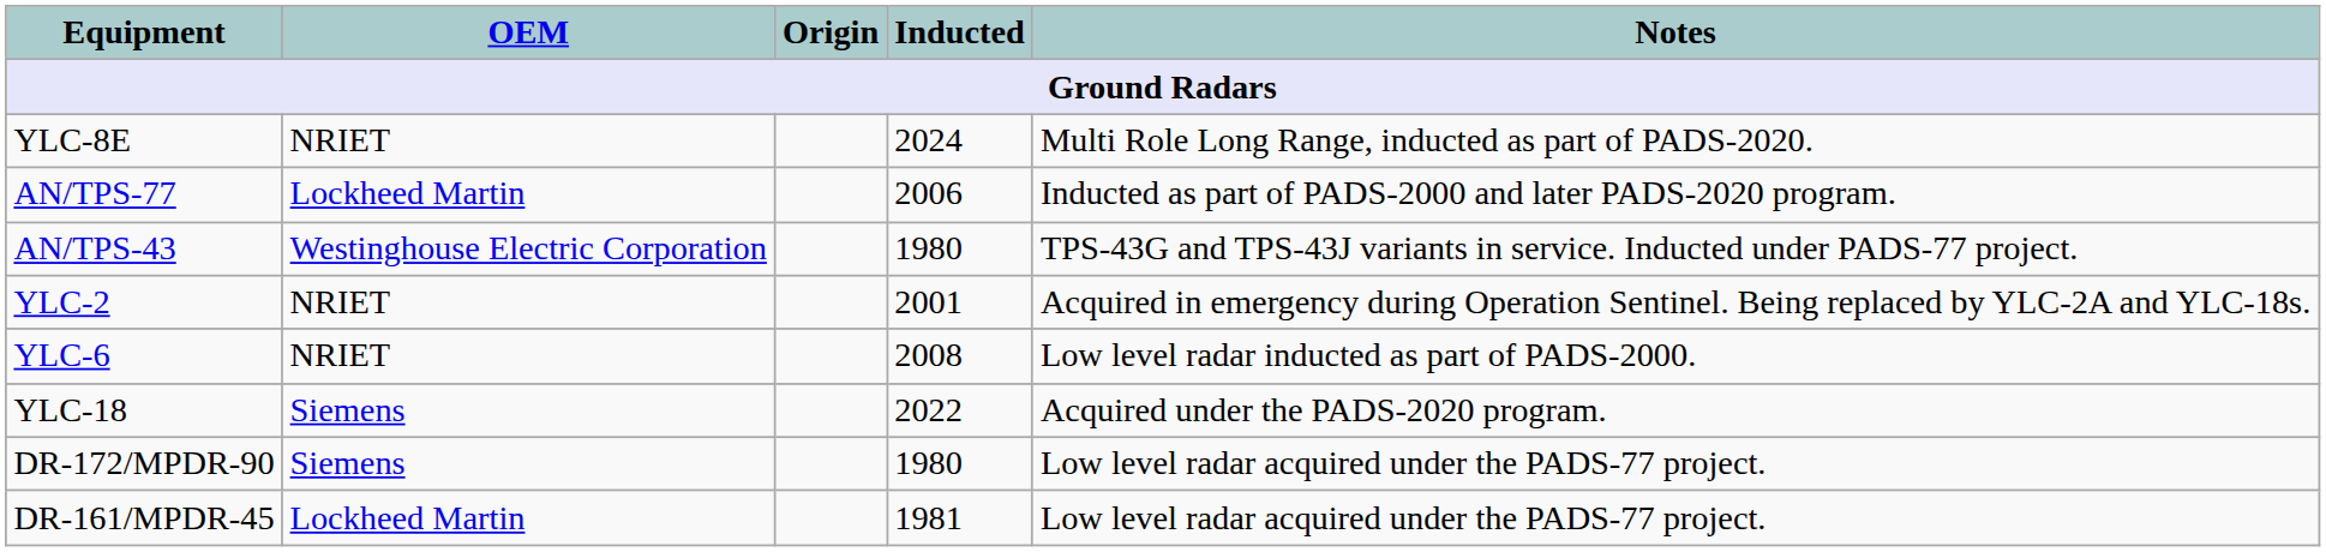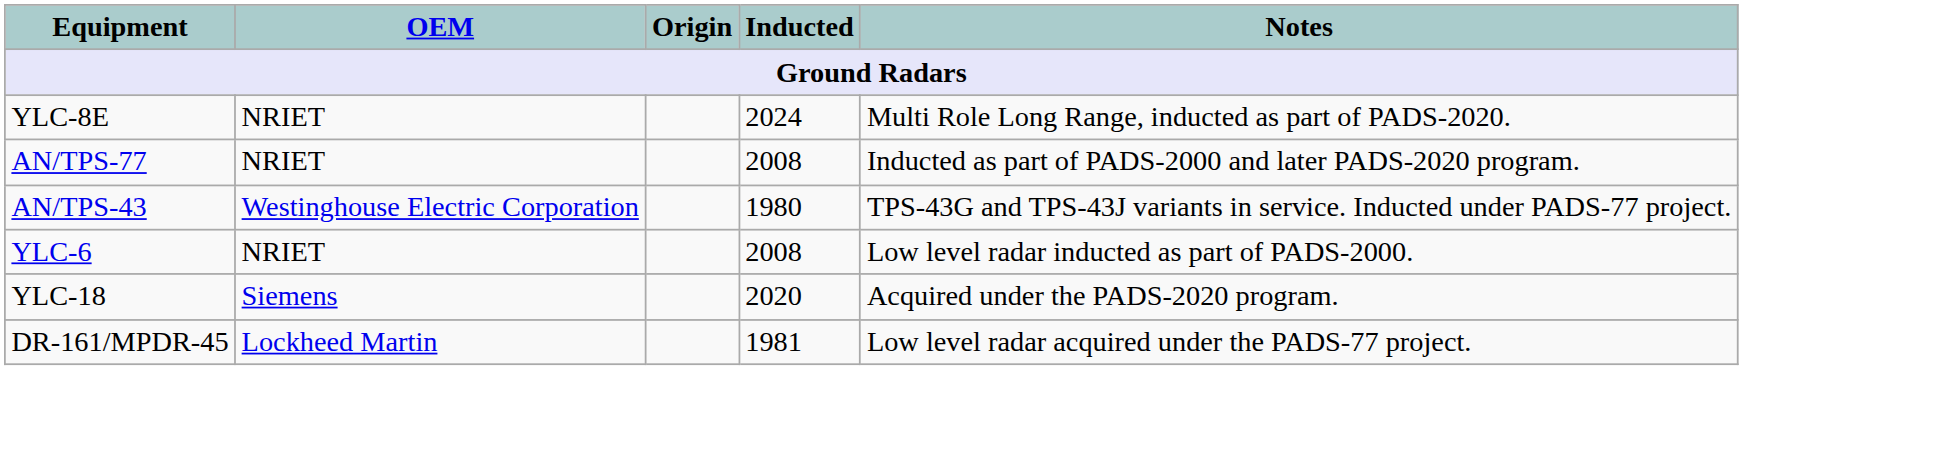 <table class="wikitable">
 <tr>
 <th style="text-align:center; background:#acc;">Equipment</th>
 <th style="text-align:center; background:#acc;"><a href='#'>OEM</a></th>
 <th style="text-align: center; background:#acc;">Origin</th>
 <th style="text-align:l center; background:#acc;">Inducted</th>
 <th style="text-align:l center; background:#acc;">Notes</th>
 </tr>
 <tr>
 <th colspan="5" style="align: center; background: lavender;">Ground Radars</th>
 </tr>
 <tr>
 <td>YLC-8E</td>
 <td>NRIET</td>
 <td></td>
 <td>2024</td>
 <td>Multi Role Long Range, inducted as part of PADS-2020.</td>
 </tr>
 <tr>
 <td><a href='#'>AN/TPS-77</a></td>
-<td><a href='#'>Lockheed Martin</a></td>
+<td>NRIET</td>
 <td></td>
-<td>2006</td>
+<td>2008</td>
 <td>Inducted as part of PADS-2000 and later PADS-2020 program.</td>
 </tr>
 <tr>
 <td><a href='#'>AN/TPS-43</a></td>
 <td><a href='#'>Westinghouse Electric Corporation</a></td>
 <td></td>
 <td>1980</td>
 <td>TPS-43G and TPS-43J variants in service. Inducted under PADS-77 project.</td>
-</tr>
-<tr>
-<td><a href='#'>YLC-2</a></td>
-<td>NRIET</td>
-<td></td>
-<td>2001</td>
-<td>Acquired in emergency during Operation Sentinel. Being replaced by YLC-2A and YLC-18s.</td>
 </tr>
 <tr>
 <td><a href='#'>YLC-6</a></td>
 <td>NRIET</td>
 <td></td>
 <td>2008</td>
 <td>Low level radar inducted as part of PADS-2000.</td>
 </tr>
 <tr>
 <td>YLC-18</td>
 <td><a href='#'>Siemens</a></td>
 <td></td>
-<td>2022</td>
+<td>2020</td>
 <td>Acquired under the PADS-2020 program.</td>
-</tr>
-<tr>
-<td>DR-172/MPDR-90</td>
-<td><a href='#'>Siemens</a></td>
-<td></td>
-<td>1980</td>
-<td>Low level radar acquired under the PADS-77 project.</td>
 </tr>
 <tr>
 <td>DR-161/MPDR-45</td>
 <td><a href='#'>Lockheed Martin</a></td>
 <td></td>
 <td>1981</td>
 <td>Low level radar acquired under the PADS-77 project.</td>
 </tr>
 </table>
